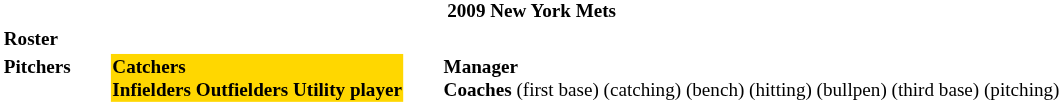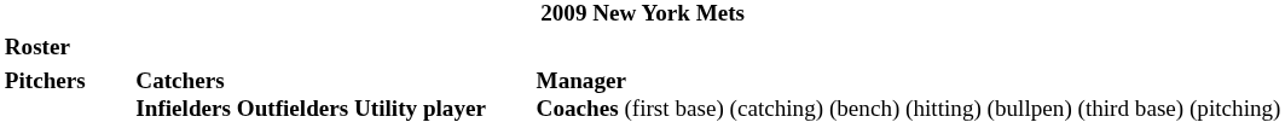 <table class="toccolours" style="font-size: 95%;">
 <tr>
 <th colspan="10">2009 New York Mets</th>
 </tr>
 <tr>
 <td colspan="10"><strong>Roster</strong></td>
 </tr>
 <tr>
 <td valign="top"><strong>Pitchers</strong><br>                       </td>
 <td width="25px"></td>
-<td valign="top" style="background: gold;"><strong>Catchers</strong><br>     <strong>Infielders</strong>             <strong>Outfielders</strong>           <strong>Utility player</strong>  </td>
+<td valign="top"><strong>Catchers</strong><br>     <strong>Infielders</strong>             <strong>Outfielders</strong>           <strong>Utility player</strong>  </td>
 <td width="25px"></td>
 <td valign="top"><strong>Manager</strong><br> <strong>Coaches</strong>  (first base)  (catching)  (bench)  (hitting)  (bullpen)  (third base)  (pitching)</td>
 </tr>
 </table>
